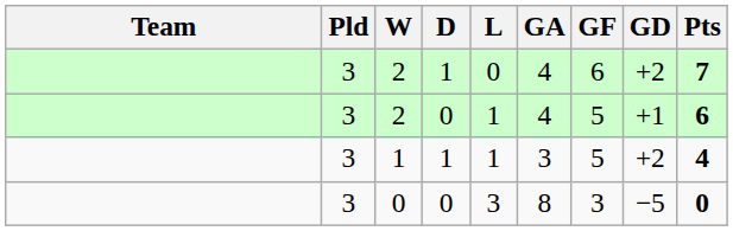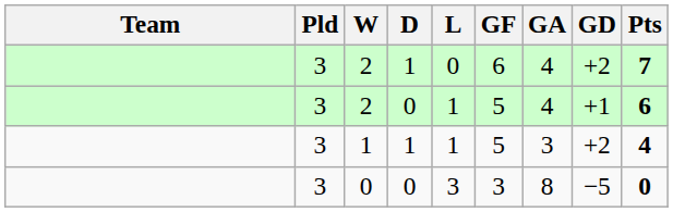 <table class="wikitable" style="text-align:center;">
 <tr>
 <th width=175>Team</th>
 <th width=20 abbr="Played">Pld</th>
 <th width=20 abbr="Won">W</th>
 <th width=20 abbr="Drawn">D</th>
 <th width=20 abbr="Lost">L</th>
+<th width=20 abbr="Goals for">GF</th>
 <th width=20 abbr="Goals against">GA</th>
-<th width=20 abbr="Goals for">GF</th>
 <th width=20 abbr="Goal difference">GD</th>
 <th width=20 abbr="Points">Pts</th>
 </tr>
 <tr bgcolor=ccffcc>
 <td align=left></td>
 <td>3</td>
 <td>2</td>
 <td>1</td>
 <td>0</td>
+<td>6</td>
 <td>4</td>
-<td>6</td>
 <td>+2</td>
 <td><strong>7</strong></td>
 </tr>
 <tr bgcolor=ccffcc>
 <td align=left></td>
 <td>3</td>
 <td>2</td>
 <td>0</td>
 <td>1</td>
+<td>5</td>
 <td>4</td>
-<td>5</td>
 <td>+1</td>
 <td><strong>6</strong></td>
 </tr>
 <tr bgcolor=>
 <td align=left></td>
 <td>3</td>
 <td>1</td>
 <td>1</td>
 <td>1</td>
+<td>5</td>
 <td>3</td>
-<td>5</td>
 <td>+2</td>
 <td><strong>4</strong></td>
 </tr>
 <tr bgcolor=>
 <td align=left></td>
 <td>3</td>
 <td>0</td>
 <td>0</td>
 <td>3</td>
+<td>3</td>
 <td>8</td>
-<td>3</td>
 <td>−5</td>
 <td><strong>0</strong></td>
 </tr>
 </table>
